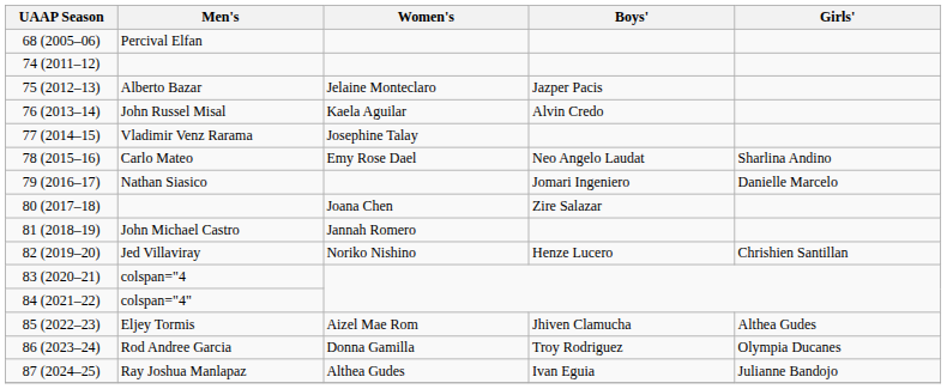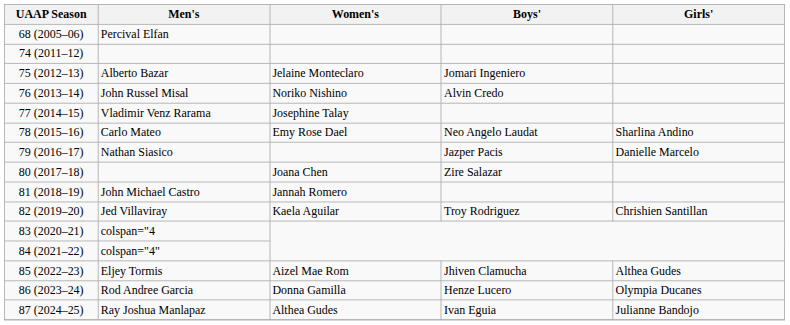 <table class="wikitable" style="font-size:90%;">
 <tr>
 <th width=12%><strong>UAAP Season</strong></th>
 <th width=200px><strong>Men's</strong></th>
 <th width=200px><strong>Women's</strong></th>
 <th width=200px><strong>Boys</strong>'</th>
 <th width=200px><strong>Girls</strong>'</th>
 </tr>
 <tr>
 <td align=center>68 (2005–06)</td>
 <td> Percival Elfan</td>
 <td></td>
 <td></td>
 <td></td>
 </tr>
 <tr>
 <td align=center>74 (2011–12)</td>
 <td></td>
 <td></td>
 <td></td>
 <td></td>
 </tr>
 <tr>
 <td align=center>75 (2012–13)</td>
 <td> Alberto Bazar</td>
 <td> Jelaine Monteclaro</td>
-<td> Jazper Pacis</td>
+<td> Jomari Ingeniero</td>
 <td></td>
 </tr>
 <tr>
 <td align=center>76 (2013–14)</td>
 <td> John Russel Misal</td>
-<td> Kaela Aguilar</td>
+<td> Noriko Nishino</td>
 <td> Alvin Credo</td>
 <td></td>
 </tr>
 <tr>
 <td align=center>77 (2014–15)</td>
 <td> Vladimir Venz Rarama</td>
 <td> Josephine Talay</td>
 <td></td>
 <td></td>
 </tr>
 <tr>
 <td align=center>78 (2015–16)</td>
 <td> Carlo Mateo</td>
 <td> Emy Rose Dael</td>
 <td> Neo Angelo Laudat</td>
 <td> Sharlina Andino</td>
 </tr>
 <tr>
 <td align=center>79 (2016–17)</td>
 <td> Nathan Siasico</td>
 <td></td>
-<td> Jomari Ingeniero</td>
+<td> Jazper Pacis</td>
 <td> Danielle Marcelo</td>
 </tr>
 <tr>
 <td align=center>80 (2017–18)</td>
 <td></td>
 <td> Joana Chen</td>
 <td> Zire Salazar</td>
 <td></td>
 </tr>
 <tr>
 <td align=center>81 (2018–19)</td>
 <td> John Michael Castro</td>
 <td> Jannah Romero</td>
 <td></td>
 <td></td>
 </tr>
 <tr>
 <td align=center>82 (2019–20)</td>
 <td> Jed Villaviray</td>
-<td> Noriko Nishino</td>
-<td> Henze Lucero</td>
+<td> Kaela Aguilar</td>
+<td> Troy Rodriguez</td>
 <td> Chrishien Santillan</td>
 </tr>
 <tr>
 <td align=center>83 (2020–21)</td>
 <td>colspan="4 </td>
 </tr>
 <tr>
 <td align=center>84 (2021–22)</td>
 <td>colspan="4" </td>
 </tr>
 <tr>
 <td align=center>85 (2022–23)</td>
 <td> Eljey Tormis</td>
 <td> Aizel Mae Rom</td>
 <td> Jhiven Clamucha</td>
 <td> Althea Gudes</td>
 </tr>
 <tr>
 <td align=center>86 (2023–24)</td>
 <td> Rod Andree Garcia</td>
 <td> Donna Gamilla</td>
-<td> Troy Rodriguez</td>
+<td> Henze Lucero</td>
 <td> Olympia Ducanes</td>
 </tr>
 <tr>
 <td align=center>87 (2024–25)</td>
 <td> Ray Joshua Manlapaz</td>
 <td> Althea Gudes</td>
 <td> Ivan Eguia</td>
 <td> Julianne Bandojo</td>
 </tr>
 <tr>
 </tr>
 </table>
